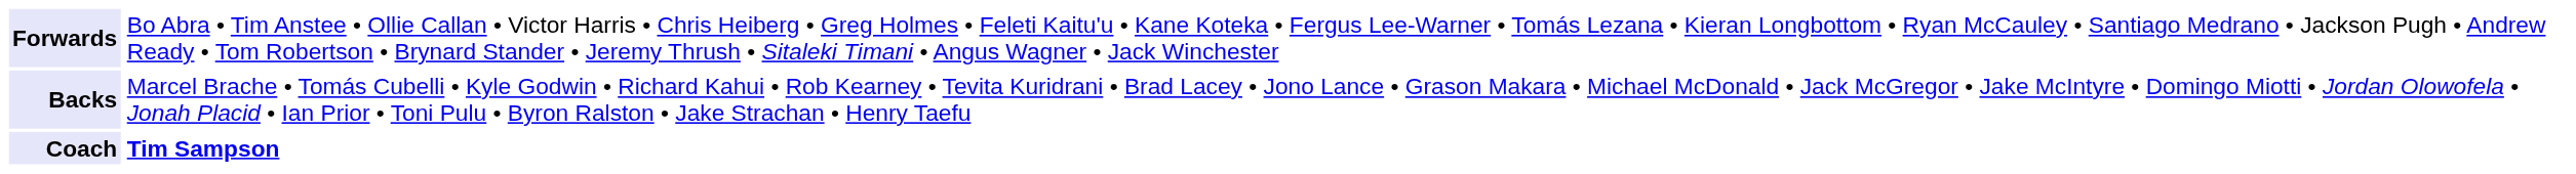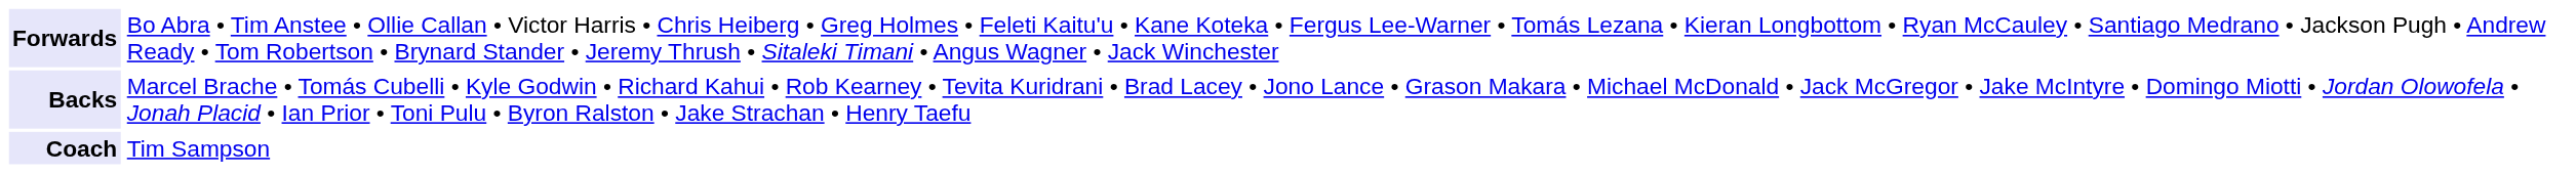 <table cellpadding="2" style="border: 1px solid white; font-size:90%">
 <tr>
 <td style="text-align:right;" bgcolor="lavender"><strong>Forwards</strong></td>
 <td style="text-align:left;"><a href='#'>Bo Abra</a> • <a href='#'>Tim Anstee</a> • <a href='#'>Ollie Callan</a> • Victor Harris • <a href='#'>Chris Heiberg</a> • <a href='#'>Greg Holmes</a> • <a href='#'>Feleti Kaitu'u</a> • <a href='#'>Kane Koteka</a> • <a href='#'>Fergus Lee-Warner</a> • <a href='#'>Tomás Lezana</a> • <a href='#'>Kieran Longbottom</a> • <a href='#'>Ryan McCauley</a> • <a href='#'>Santiago Medrano</a> • Jackson Pugh • <a href='#'>Andrew Ready</a> • <a href='#'>Tom Robertson</a> • <a href='#'>Brynard Stander</a> • <a href='#'>Jeremy Thrush</a> • <em><a href='#'>Sitaleki Timani</a></em> • <a href='#'>Angus Wagner</a> • <a href='#'>Jack Winchester</a></td>
 </tr>
 <tr>
 <td style="text-align:right;" bgcolor="lavender"><strong>Backs</strong></td>
 <td style="text-align:left;"><a href='#'>Marcel Brache</a> • <a href='#'>Tomás Cubelli</a> • <a href='#'>Kyle Godwin</a> • <a href='#'>Richard Kahui</a> • <a href='#'>Rob Kearney</a> • <a href='#'>Tevita Kuridrani</a> • <a href='#'>Brad Lacey</a> • <a href='#'>Jono Lance</a> • <a href='#'>Grason Makara</a> • <a href='#'>Michael McDonald</a> • <a href='#'>Jack McGregor</a> • <a href='#'>Jake McIntyre</a> • <a href='#'>Domingo Miotti</a> • <em><a href='#'>Jordan Olowofela</a></em> • <em><a href='#'>Jonah Placid</a></em> • <a href='#'>Ian Prior</a> • <a href='#'>Toni Pulu</a> • <a href='#'>Byron Ralston</a> • <a href='#'>Jake Strachan</a> • <a href='#'>Henry Taefu</a></td>
 </tr>
 <tr>
 <td style="text-align:right;" bgcolor="lavender"><strong>Coach</strong></td>
-<td style="text-align:left;"><strong><a href='#'>Tim Sampson</a></strong></td>
+<td style="text-align:left;"><a href='#'>Tim Sampson</a></td>
 </tr>
 </table>
